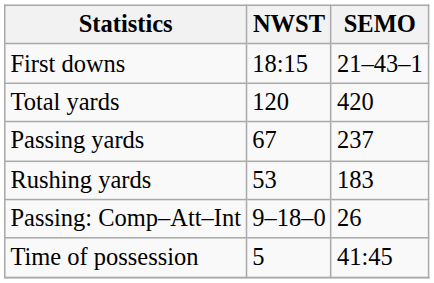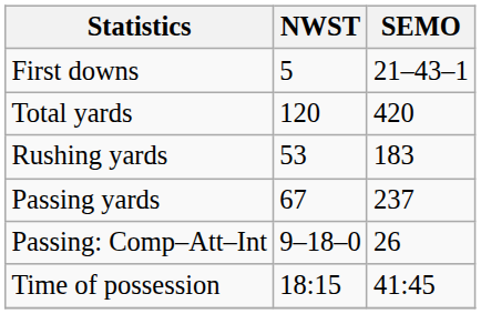 <table class="wikitable" style="float: left;">
 <tr>
 <th>Statistics</th>
 <th>NWST</th>
 <th>SEMO</th>
 </tr>
 <tr>
 <td>First downs</td>
-<td>18:15</td>
+<td>5</td>
 <td>21–43–1</td>
 </tr>
 <tr>
 <td>Total yards</td>
 <td>120</td>
 <td>420</td>
 </tr>
 <tr>
+<td>Rushing yards</td>
+<td>53</td>
+<td>183</td>
+</tr>
+<tr>
 <td>Passing yards</td>
 <td>67</td>
 <td>237</td>
-</tr>
-<tr>
-<td>Rushing yards</td>
-<td>53</td>
-<td>183</td>
 </tr>
 <tr>
 <td>Passing: Comp–Att–Int</td>
 <td>9–18–0</td>
 <td>26</td>
 </tr>
 <tr>
 <td>Time of possession</td>
-<td>5</td>
+<td>18:15</td>
 <td>41:45</td>
 </tr>
 <tr>
 </tr>
 </table>
